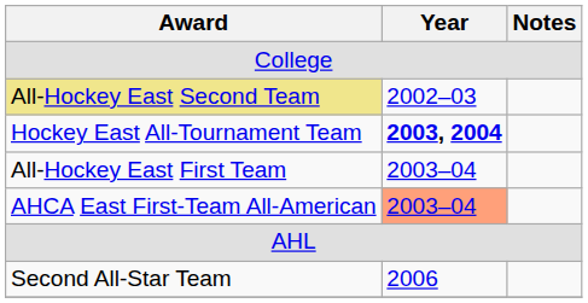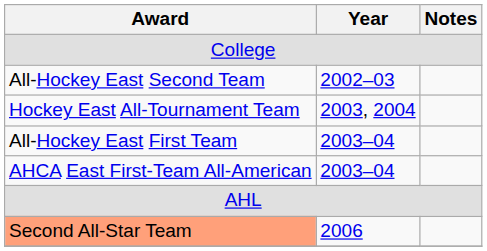 <table class="wikitable">
 <tr>
 <th>Award</th>
 <th>Year</th>
 <th>Notes</th>
 </tr>
 <tr ALIGN="center" bgcolor="#e0e0e0">
 <td colspan="3"><a href='#'>College</a></td>
 </tr>
 <tr>
-<td style="background: khaki;">All-<a href='#'>Hockey East</a> <a href='#'>Second Team</a></td>
+<td>All-<a href='#'>Hockey East</a> <a href='#'>Second Team</a></td>
 <td><a href='#'>2002–03</a></td>
 <td></td>
 </tr>
 <tr>
 <td><a href='#'>Hockey East</a> <a href='#'>All-Tournament Team</a></td>
-<td><strong><a href='#'>2003</a>, <a href='#'>2004</a></strong></td>
+<td><a href='#'>2003</a>, <a href='#'>2004</a></td>
 <td></td>
 </tr>
 <tr>
 <td>All-<a href='#'>Hockey East</a> <a href='#'>First Team</a></td>
 <td><a href='#'>2003–04</a></td>
 <td></td>
 </tr>
 <tr>
 <td><a href='#'>AHCA</a> <a href='#'>East First-Team All-American</a></td>
-<td style="background: lightsalmon;"><a href='#'>2003–04</a></td>
+<td><a href='#'>2003–04</a></td>
 <td></td>
 </tr>
 <tr ALIGN="center" bgcolor="#e0e0e0">
 <td colspan="3"><a href='#'>AHL</a></td>
 </tr>
 <tr>
-<td>Second All-Star Team</td>
+<td style="background: lightsalmon;">Second All-Star Team</td>
 <td><a href='#'>2006</a></td>
 <td></td>
 </tr>
 <tr>
 </tr>
 </table>
